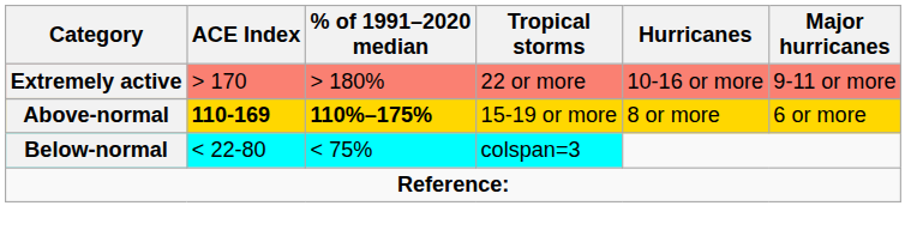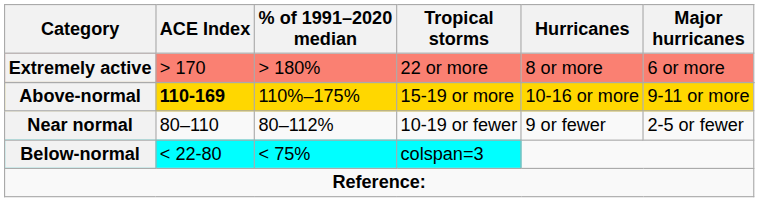 <table class="wikitable">
 <tr>
 <th scope="col">Category</th>
 <th scope="col">ACE Index</th>
 <th scope="col">% of 1991–2020<br>median</th>
 <th scope="col">Tropical<br>storms</th>
 <th scope="col">Hurricanes</th>
 <th scope="col">Major<br>hurricanes</th>
 </tr>
 <tr style="background:salmon">
 <th>Extremely active</th>
 <td>> 170</td>
 <td>> 180%</td>
 <td>22 or more</td>
-<td>10-16 or more</td>
-<td>9-11 or more</td>
+<td>8 or more</td>
+<td>6 or more</td>
 </tr>
 <tr>
 </tr>
 <tr style="background:gold;">
 <th>Above-normal</th>
 <td><strong>110-169</strong></td>
-<td><strong>110%–175%</strong></td>
+<td>110%–175%</td>
 <td>15-19 or more</td>
-<td>8 or more</td>
-<td>6 or more</td>
+<td>10-16 or more</td>
+<td>9-11 or more</td>
+</tr>
+<tr>
+<th>Near normal</th>
+<td>80–110</td>
+<td>80–112%</td>
+<td>10-19 or fewer</td>
+<td>9 or fewer</td>
+<td>2-5 or fewer</td>
 </tr>
 <tr style="background:Cyan;">
 <th>Below-normal</th>
 <td>< 22-80</td>
 <td>< 75%</td>
 <td>colspan=3 </td>
 </tr>
 <tr>
 <td colspan=6 style="text-align:center;"><strong>Reference:</strong></td>
 </tr>
 </table>
